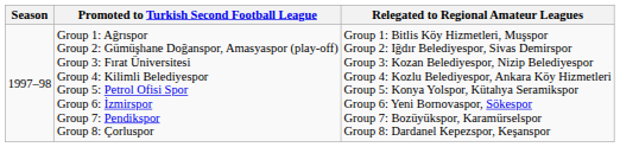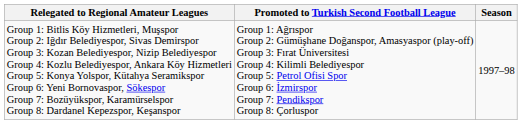 <table class="wikitable">
 <tr>
+<th>Relegated to Regional Amateur Leagues</th>
+<th>Promoted to <a href='#'>Turkish Second Football League</a></th>
 <th>Season</th>
-<th>Promoted to <a href='#'>Turkish Second Football League</a></th>
-<th>Relegated to Regional Amateur Leagues</th>
 </tr>
 <tr>
+<td>Group 1: Bitlis Köy Hizmetleri, Muşspor <br> Group 2: Iğdır Belediyespor, Sivas Demirspor <br> Group 3: Kozan Belediyespor, Nizip Belediyespor <br> Group 4: Kozlu Belediyespor, Ankara Köy Hizmetleri <br> Group 5: Konya Yolspor, Kütahya Seramikspor <br> Group 6: Yeni Bornovaspor, <a href='#'>Sökespor</a> <br> Group 7: Bozüyükspor, Karamürselspor <br> Group 8: Dardanel Kepezspor, Keşanspor</td>
+<td>Group 1: Ağrıspor <br> Group 2: Gümüşhane Doğanspor, Amasyaspor (play-off) <br>Group 3: Fırat Üniversitesi <br> Group 4: Kilimli Belediyespor <br>Group 5: <a href='#'>Petrol Ofisi Spor</a> <br> Group 6: <a href='#'>İzmirspor</a> <br>Group 7: <a href='#'>Pendikspor</a> <br> Group 8: Çorluspor</td>
 <td>1997–98</td>
-<td>Group 1: Ağrıspor <br> Group 2: Gümüşhane Doğanspor, Amasyaspor (play-off) <br>Group 3: Fırat Üniversitesi <br> Group 4: Kilimli Belediyespor <br>Group 5: <a href='#'>Petrol Ofisi Spor</a> <br> Group 6: <a href='#'>İzmirspor</a> <br>Group 7: <a href='#'>Pendikspor</a> <br> Group 8: Çorluspor</td>
-<td>Group 1: Bitlis Köy Hizmetleri, Muşspor <br> Group 2: Iğdır Belediyespor, Sivas Demirspor <br> Group 3: Kozan Belediyespor, Nizip Belediyespor <br> Group 4: Kozlu Belediyespor, Ankara Köy Hizmetleri <br> Group 5: Konya Yolspor, Kütahya Seramikspor <br> Group 6: Yeni Bornovaspor, <a href='#'>Sökespor</a> <br> Group 7: Bozüyükspor, Karamürselspor <br> Group 8: Dardanel Kepezspor, Keşanspor</td>
 </tr>
 </table>
